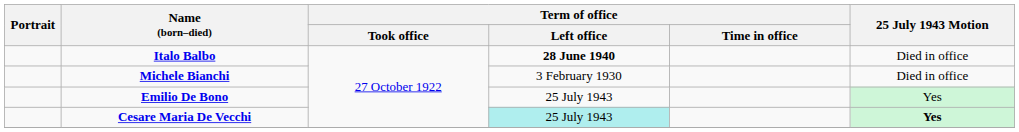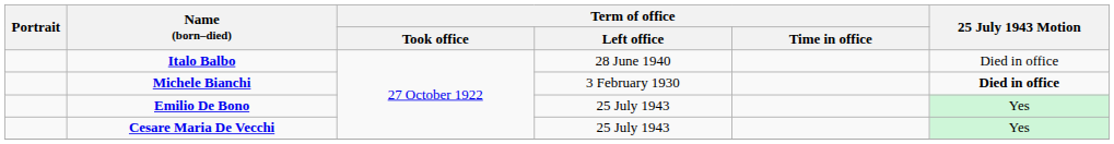 <table class="wikitable" style="text-align:center;" style="width=90%">
 <tr>
 <th width=1% rowspan=2>Portrait</th>
 <th width=15% rowspan=2>Name<br><small>(born–died)</small></th>
 <th width=30% colspan=3>Term of office</th>
 <th width=10% rowspan=2>25 July 1943 Motion</th>
 </tr>
 <tr style="text-align:center;">
 <th width=11%>Took office</th>
 <th width=11%>Left office</th>
 <th width=11%>Time in office</th>
 </tr>
 <tr>
 <td></td>
 <td><strong><a href='#'>Italo Balbo</a></strong><br></td>
 <td rowspan=4><a href='#'>27 October 1922</a></td>
-<td><strong>28 June 1940</strong></td>
+<td>28 June 1940</td>
 <td></td>
 <td align=center>Died in office</td>
 </tr>
 <tr>
 <td></td>
 <td><strong><a href='#'>Michele Bianchi</a></strong><br></td>
 <td>3 February 1930</td>
 <td></td>
-<td align=center>Died in office</td>
+<td align=center><strong>Died in office</strong></td>
 </tr>
 <tr>
 <td></td>
 <td><strong><a href='#'>Emilio De Bono</a></strong><br></td>
 <td>25 July 1943</td>
 <td></td>
 <td align=center style="background:#CEF6D8">Yes</td>
 </tr>
 <tr>
 <td></td>
 <td><strong><a href='#'>Cesare Maria De Vecchi</a></strong><br></td>
-<td style="background: paleturquoise;">25 July 1943</td>
+<td>25 July 1943</td>
 <td></td>
-<td align=center style="background:#CEF6D8"><strong>Yes</strong></td>
+<td align=center style="background:#CEF6D8">Yes</td>
 </tr>
 <tr>
 </tr>
 </table>
